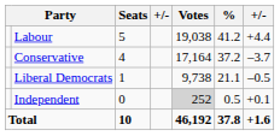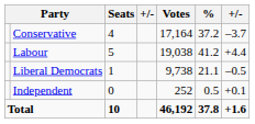 <table class="wikitable sortable">
 <tr>
 <th colspan="2">Party</th>
 <th>Seats</th>
 <th>+/-</th>
 <th>Votes</th>
 <th>%</th>
 <th>+/-</th>
 </tr>
 <tr>
 <td style="background-color: "></td>
+<td><a href='#'>Conservative</a></td>
+<td>4</td>
+<td></td>
+<td style="text-align:right;">17,164</td>
+<td style="text-align:right;">37.2</td>
+<td style="text-align:right;">–3.7</td>
+</tr>
+<tr>
+<td style="background-color: "></td>
 <td><a href='#'>Labour</a></td>
 <td>5</td>
 <td></td>
 <td style="text-align:right;">19,038</td>
 <td style="text-align:right;">41.2</td>
 <td style="text-align:right;">+4.4</td>
-</tr>
-<tr>
-<td style="background-color: "></td>
-<td><a href='#'>Conservative</a></td>
-<td>4</td>
-<td></td>
-<td style="text-align:right;">17,164</td>
-<td style="text-align:right;">37.2</td>
-<td style="text-align:right;">–3.7</td>
 </tr>
 <tr>
 <td style="background-color: "></td>
 <td><a href='#'>Liberal Democrats</a></td>
 <td>1</td>
 <td></td>
 <td style="text-align:right;">9,738</td>
 <td style="text-align:right;">21.1</td>
 <td style="text-align:right;">–0.5</td>
 </tr>
 <tr>
 <td style="background-color: "></td>
 <td><a href='#'>Independent</a></td>
 <td>0</td>
 <td></td>
-<td style="background: lightgrey; text-align:right;">252</td>
+<td style="text-align:right;">252</td>
 <td style="text-align:right;">0.5</td>
 <td style="text-align:right;">+0.1</td>
 </tr>
 <tr>
 <td colspan="2"><strong>Total</strong></td>
 <td><strong>10</strong></td>
 <td></td>
 <td style="text-align:right;"><strong>46,192</strong></td>
 <td style="text-align:right;"><strong>37.8</strong></td>
 <td style="text-align:right;"><strong>+1.6</strong></td>
 </tr>
 </table>
